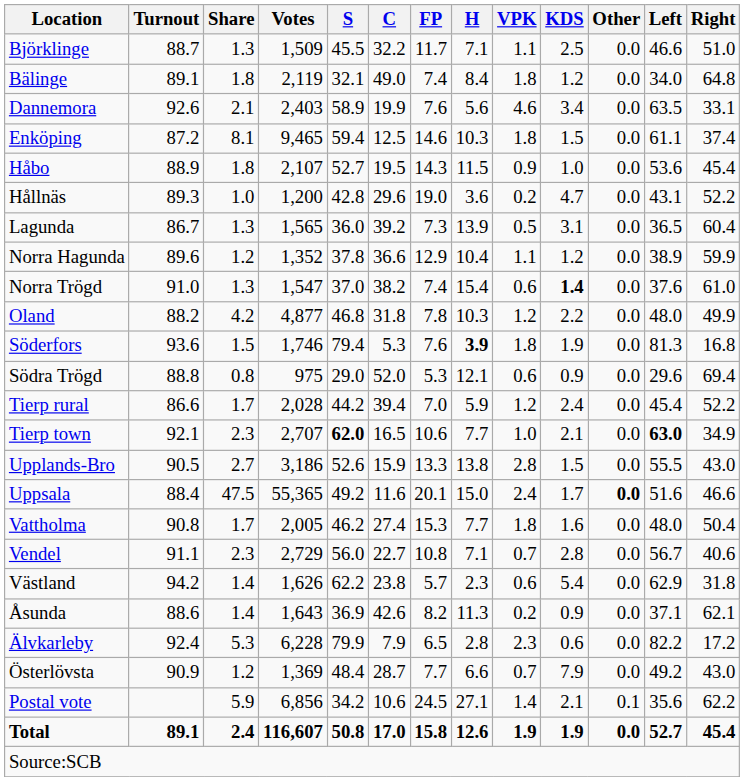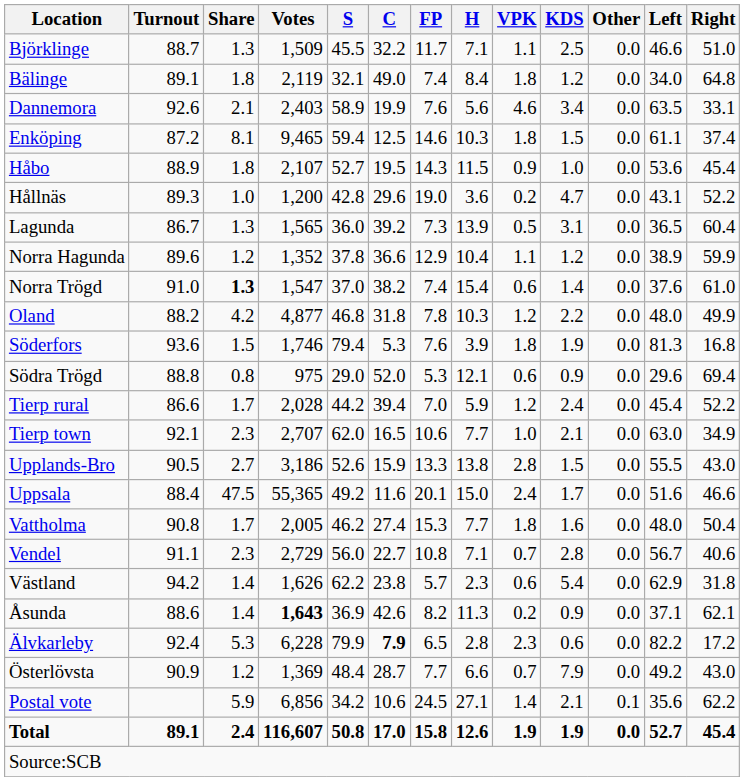 <table class="wikitable sortable" style=text-align:right>
 <tr>
 <th>Location</th>
 <th>Turnout</th>
 <th>Share</th>
 <th>Votes</th>
 <th><a href='#'>S</a></th>
 <th><a href='#'>C</a></th>
 <th><a href='#'>FP</a></th>
 <th><a href='#'>H</a></th>
 <th><a href='#'>VPK</a></th>
 <th><a href='#'>KDS</a></th>
 <th>Other</th>
 <th>Left</th>
 <th>Right</th>
 </tr>
 <tr>
 <td align=left><a href='#'>Björklinge</a></td>
 <td>88.7</td>
 <td>1.3</td>
 <td>1,509</td>
 <td>45.5</td>
 <td>32.2</td>
 <td>11.7</td>
 <td>7.1</td>
 <td>1.1</td>
 <td>2.5</td>
 <td>0.0</td>
 <td>46.6</td>
 <td>51.0</td>
 </tr>
 <tr>
 <td align=left><a href='#'>Bälinge</a></td>
 <td>89.1</td>
 <td>1.8</td>
 <td>2,119</td>
 <td>32.1</td>
 <td>49.0</td>
 <td>7.4</td>
 <td>8.4</td>
 <td>1.8</td>
 <td>1.2</td>
 <td>0.0</td>
 <td>34.0</td>
 <td>64.8</td>
 </tr>
 <tr>
 <td align=left><a href='#'>Dannemora</a></td>
 <td>92.6</td>
 <td>2.1</td>
 <td>2,403</td>
 <td>58.9</td>
 <td>19.9</td>
 <td>7.6</td>
 <td>5.6</td>
 <td>4.6</td>
 <td>3.4</td>
 <td>0.0</td>
 <td>63.5</td>
 <td>33.1</td>
 </tr>
 <tr>
 <td align=left><a href='#'>Enköping</a></td>
 <td>87.2</td>
 <td>8.1</td>
 <td>9,465</td>
 <td>59.4</td>
 <td>12.5</td>
 <td>14.6</td>
 <td>10.3</td>
 <td>1.8</td>
 <td>1.5</td>
 <td>0.0</td>
 <td>61.1</td>
 <td>37.4</td>
 </tr>
 <tr>
 <td align=left><a href='#'>Håbo</a></td>
 <td>88.9</td>
 <td>1.8</td>
 <td>2,107</td>
 <td>52.7</td>
 <td>19.5</td>
 <td>14.3</td>
 <td>11.5</td>
 <td>0.9</td>
 <td>1.0</td>
 <td>0.0</td>
 <td>53.6</td>
 <td>45.4</td>
 </tr>
 <tr>
 <td align=left>Hållnäs</td>
 <td>89.3</td>
 <td>1.0</td>
 <td>1,200</td>
 <td>42.8</td>
 <td>29.6</td>
 <td>19.0</td>
 <td>3.6</td>
 <td>0.2</td>
 <td>4.7</td>
 <td>0.0</td>
 <td>43.1</td>
 <td>52.2</td>
 </tr>
 <tr>
 <td align=left>Lagunda</td>
 <td>86.7</td>
 <td>1.3</td>
 <td>1,565</td>
 <td>36.0</td>
 <td>39.2</td>
 <td>7.3</td>
 <td>13.9</td>
 <td>0.5</td>
 <td>3.1</td>
 <td>0.0</td>
 <td>36.5</td>
 <td>60.4</td>
 </tr>
 <tr>
 <td align=left>Norra Hagunda</td>
 <td>89.6</td>
 <td>1.2</td>
 <td>1,352</td>
 <td>37.8</td>
 <td>36.6</td>
 <td>12.9</td>
 <td>10.4</td>
 <td>1.1</td>
 <td>1.2</td>
 <td>0.0</td>
 <td>38.9</td>
 <td>59.9</td>
 </tr>
 <tr>
 <td align=left>Norra Trögd</td>
 <td>91.0</td>
-<td>1.3</td>
+<td><strong>1.3</strong></td>
 <td>1,547</td>
 <td>37.0</td>
 <td>38.2</td>
 <td>7.4</td>
 <td>15.4</td>
 <td>0.6</td>
-<td><strong>1.4</strong></td>
+<td>1.4</td>
 <td>0.0</td>
 <td>37.6</td>
 <td>61.0</td>
 </tr>
 <tr>
 <td align=left><a href='#'>Oland</a></td>
 <td>88.2</td>
 <td>4.2</td>
 <td>4,877</td>
 <td>46.8</td>
 <td>31.8</td>
 <td>7.8</td>
 <td>10.3</td>
 <td>1.2</td>
 <td>2.2</td>
 <td>0.0</td>
 <td>48.0</td>
 <td>49.9</td>
 </tr>
 <tr>
 <td align=left><a href='#'>Söderfors</a></td>
 <td>93.6</td>
 <td>1.5</td>
 <td>1,746</td>
 <td>79.4</td>
 <td>5.3</td>
 <td>7.6</td>
-<td><strong>3.9</strong></td>
+<td>3.9</td>
 <td>1.8</td>
 <td>1.9</td>
 <td>0.0</td>
 <td>81.3</td>
 <td>16.8</td>
 </tr>
 <tr>
 <td align=left>Södra Trögd</td>
 <td>88.8</td>
 <td>0.8</td>
 <td>975</td>
 <td>29.0</td>
 <td>52.0</td>
 <td>5.3</td>
 <td>12.1</td>
 <td>0.6</td>
 <td>0.9</td>
 <td>0.0</td>
 <td>29.6</td>
 <td>69.4</td>
 </tr>
 <tr>
 <td align=left><a href='#'>Tierp rural</a></td>
 <td>86.6</td>
 <td>1.7</td>
 <td>2,028</td>
 <td>44.2</td>
 <td>39.4</td>
 <td>7.0</td>
 <td>5.9</td>
 <td>1.2</td>
 <td>2.4</td>
 <td>0.0</td>
 <td>45.4</td>
 <td>52.2</td>
 </tr>
 <tr>
 <td align=left><a href='#'>Tierp town</a></td>
 <td>92.1</td>
 <td>2.3</td>
 <td>2,707</td>
-<td><strong>62.0</strong></td>
+<td>62.0</td>
 <td>16.5</td>
 <td>10.6</td>
 <td>7.7</td>
 <td>1.0</td>
 <td>2.1</td>
 <td>0.0</td>
-<td><strong>63.0</strong></td>
+<td>63.0</td>
 <td>34.9</td>
 </tr>
 <tr>
 <td align=left><a href='#'>Upplands-Bro</a></td>
 <td>90.5</td>
 <td>2.7</td>
 <td>3,186</td>
 <td>52.6</td>
 <td>15.9</td>
 <td>13.3</td>
 <td>13.8</td>
 <td>2.8</td>
 <td>1.5</td>
 <td>0.0</td>
 <td>55.5</td>
 <td>43.0</td>
 </tr>
 <tr>
 <td align=left><a href='#'>Uppsala</a></td>
 <td>88.4</td>
 <td>47.5</td>
 <td>55,365</td>
 <td>49.2</td>
 <td>11.6</td>
 <td>20.1</td>
 <td>15.0</td>
 <td>2.4</td>
 <td>1.7</td>
-<td><strong>0.0</strong></td>
+<td>0.0</td>
 <td>51.6</td>
 <td>46.6</td>
 </tr>
 <tr>
 <td align=left><a href='#'>Vattholma</a></td>
 <td>90.8</td>
 <td>1.7</td>
 <td>2,005</td>
 <td>46.2</td>
 <td>27.4</td>
 <td>15.3</td>
 <td>7.7</td>
 <td>1.8</td>
 <td>1.6</td>
 <td>0.0</td>
 <td>48.0</td>
 <td>50.4</td>
 </tr>
 <tr>
 <td align=left><a href='#'>Vendel</a></td>
 <td>91.1</td>
 <td>2.3</td>
 <td>2,729</td>
 <td>56.0</td>
 <td>22.7</td>
 <td>10.8</td>
 <td>7.1</td>
 <td>0.7</td>
 <td>2.8</td>
 <td>0.0</td>
 <td>56.7</td>
 <td>40.6</td>
 </tr>
 <tr>
 <td align=left>Västland</td>
 <td>94.2</td>
 <td>1.4</td>
 <td>1,626</td>
 <td>62.2</td>
 <td>23.8</td>
 <td>5.7</td>
 <td>2.3</td>
 <td>0.6</td>
 <td>5.4</td>
 <td>0.0</td>
 <td>62.9</td>
 <td>31.8</td>
 </tr>
 <tr>
 <td align=left>Åsunda</td>
 <td>88.6</td>
 <td>1.4</td>
-<td>1,643</td>
+<td><strong>1,643</strong></td>
 <td>36.9</td>
 <td>42.6</td>
 <td>8.2</td>
 <td>11.3</td>
 <td>0.2</td>
 <td>0.9</td>
 <td>0.0</td>
 <td>37.1</td>
 <td>62.1</td>
 </tr>
 <tr>
 <td align=left><a href='#'>Älvkarleby</a></td>
 <td>92.4</td>
 <td>5.3</td>
 <td>6,228</td>
 <td>79.9</td>
-<td>7.9</td>
+<td><strong>7.9</strong></td>
 <td>6.5</td>
 <td>2.8</td>
 <td>2.3</td>
 <td>0.6</td>
 <td>0.0</td>
 <td>82.2</td>
 <td>17.2</td>
 </tr>
 <tr>
 <td align=left>Österlövsta</td>
 <td>90.9</td>
 <td>1.2</td>
 <td>1,369</td>
 <td>48.4</td>
 <td>28.7</td>
 <td>7.7</td>
 <td>6.6</td>
 <td>0.7</td>
 <td>7.9</td>
 <td>0.0</td>
 <td>49.2</td>
 <td>43.0</td>
 </tr>
 <tr>
 <td align=left><a href='#'>Postal vote</a></td>
 <td></td>
 <td>5.9</td>
 <td>6,856</td>
 <td>34.2</td>
 <td>10.6</td>
 <td>24.5</td>
 <td>27.1</td>
 <td>1.4</td>
 <td>2.1</td>
 <td>0.1</td>
 <td>35.6</td>
 <td>62.2</td>
 </tr>
 <tr>
 <td align=left><strong>Total</strong></td>
 <td><strong>89.1</strong></td>
 <td><strong>2.4</strong></td>
 <td><strong>116,607</strong></td>
 <td><strong>50.8</strong></td>
 <td><strong>17.0</strong></td>
 <td><strong>15.8</strong></td>
 <td><strong>12.6</strong></td>
 <td><strong>1.9</strong></td>
 <td><strong>1.9</strong></td>
 <td><strong>0.0</strong></td>
 <td><strong>52.7</strong></td>
 <td><strong>45.4</strong></td>
 </tr>
 <tr>
 <td align=left colspan=13>Source:SCB </td>
 </tr>
 </table>
